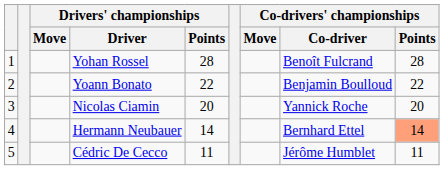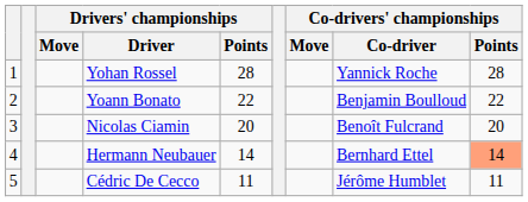 <table class="wikitable" style="font-size:85%;">
 <tr>
 <th rowspan="2"></th>
 <th rowspan="7" style="width:5px;"></th>
 <th colspan="3">Drivers' championships</th>
 <th rowspan="7" style="width:5px;"></th>
 <th colspan="3" nowrap>Co-drivers' championships</th>
 </tr>
 <tr>
 <th>Move</th>
 <th>Driver</th>
 <th>Points</th>
 <th>Move</th>
 <th>Co-driver</th>
 <th>Points</th>
 </tr>
 <tr>
 <td align="center">1</td>
 <td align="center"></td>
 <td><a href='#'>Yohan Rossel</a></td>
 <td align="center">28</td>
 <td align="center"></td>
-<td><a href='#'>Benoît Fulcrand</a></td>
+<td><a href='#'>Yannick Roche</a></td>
 <td align="center">28</td>
 </tr>
 <tr>
 <td align="center">2</td>
 <td align="center"></td>
 <td><a href='#'>Yoann Bonato</a></td>
 <td align="center">22</td>
 <td align="center"></td>
 <td><a href='#'>Benjamin Boulloud</a></td>
 <td align="center">22</td>
 </tr>
 <tr>
 <td align="center">3</td>
 <td align="center"></td>
 <td><a href='#'>Nicolas Ciamin</a></td>
 <td align="center">20</td>
 <td align="center"></td>
-<td><a href='#'>Yannick Roche</a></td>
+<td><a href='#'>Benoît Fulcrand</a></td>
 <td align="center">20</td>
 </tr>
 <tr>
 <td align="center">4</td>
 <td align="center"></td>
 <td><a href='#'>Hermann Neubauer</a></td>
 <td align="center">14</td>
 <td align="center"></td>
 <td><a href='#'>Bernhard Ettel</a></td>
 <td align="center" style="background: lightsalmon;">14</td>
 </tr>
 <tr>
 <td align="center">5</td>
 <td align="center"></td>
 <td><a href='#'>Cédric De Cecco</a></td>
 <td align="center">11</td>
 <td align="center"></td>
 <td><a href='#'>Jérôme Humblet</a></td>
 <td align="center">11</td>
 </tr>
 </table>
